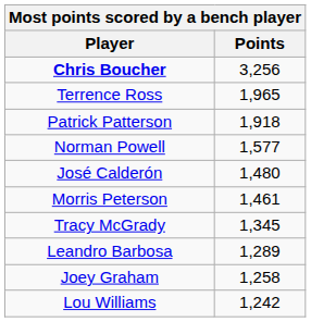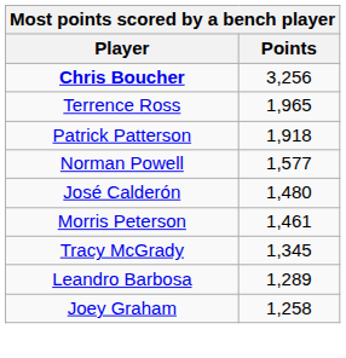 <table class="wikitable sortable" style="text-align:center">
 <tr>
 <th colspan="2">Most points scored by a bench player</th>
 </tr>
 <tr>
 <th>Player</th>
 <th>Points</th>
 </tr>
 <tr>
 <td><strong><a href='#'>Chris Boucher</a></strong></td>
 <td>3,256</td>
 </tr>
 <tr>
 <td><a href='#'>Terrence Ross</a></td>
 <td>1,965</td>
 </tr>
 <tr>
 <td><a href='#'>Patrick Patterson</a></td>
 <td>1,918</td>
 </tr>
 <tr>
 <td><a href='#'>Norman Powell</a></td>
 <td>1,577</td>
 </tr>
 <tr>
 <td><a href='#'>José Calderón</a></td>
 <td>1,480</td>
 </tr>
 <tr>
 <td><a href='#'>Morris Peterson</a></td>
 <td>1,461</td>
 </tr>
 <tr>
 <td><a href='#'>Tracy McGrady</a></td>
 <td>1,345</td>
 </tr>
 <tr>
 <td><a href='#'>Leandro Barbosa</a></td>
 <td>1,289</td>
 </tr>
 <tr>
 <td><a href='#'>Joey Graham</a></td>
 <td>1,258</td>
 </tr>
-<tr>
-<td><a href='#'>Lou Williams</a></td>
-<td>1,242</td>
-</tr>
 </table>
